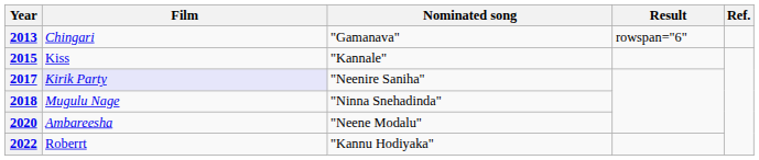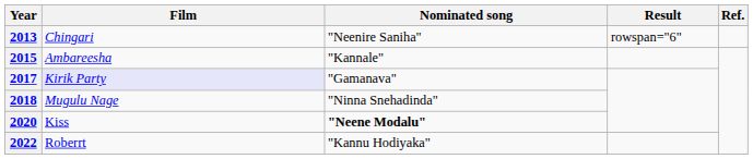 <table class="wikitable plainrowheaders" width="100%" textcolor:#000;">
 <tr>
 <th scope="col" width=5%><strong>Year</strong></th>
 <th scope="col" width=39%><strong>Film</strong></th>
 <th scope="col" width=39%><strong>Nominated song</strong></th>
 <th scope="col" width=15%><strong>Result</strong></th>
 <th scope="col" width=2%><strong>Ref.</strong></th>
 </tr>
 <tr>
 <th scope="row"><a href='#'>2013</a></th>
 <td><em><a href='#'>Chingari</a></em></td>
-<td>"Gamanava"</td>
+<td>"Neenire Saniha"</td>
 <td>rowspan="6" </td>
 <td></td>
 </tr>
 <tr>
 <th scope="row"><a href='#'>2015</a></th>
-<td><a href='#'>Kiss</a></td>
+<td><em><a href='#'>Ambareesha</a></em></td>
 <td>"Kannale"</td>
 <td></td>
 </tr>
 <tr>
 <th scope="row"><a href='#'>2017</a></th>
 <td style="background: lavender;"><em><a href='#'>Kirik Party</a></em></td>
-<td>"Neenire Saniha"</td>
+<td>"Gamanava"</td>
 <td rowspan="3"></td>
 </tr>
 <tr>
 <th scope="row"><a href='#'>2018</a></th>
 <td><em><a href='#'>Mugulu Nage</a></em></td>
 <td>"Ninna Snehadinda"</td>
 </tr>
 <tr>
 <th scope="row"><a href='#'>2020</a></th>
-<td><em><a href='#'>Ambareesha</a></em></td>
-<td>"Neene Modalu"</td>
+<td><a href='#'>Kiss</a></td>
+<td><strong>"Neene Modalu"</strong></td>
 </tr>
 <tr>
 <th scope="row"><a href='#'>2022</a></th>
 <td><a href='#'>Roberrt</a></td>
 <td>"Kannu Hodiyaka"</td>
 <td></td>
 </tr>
 </table>
